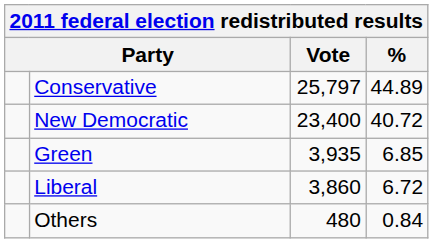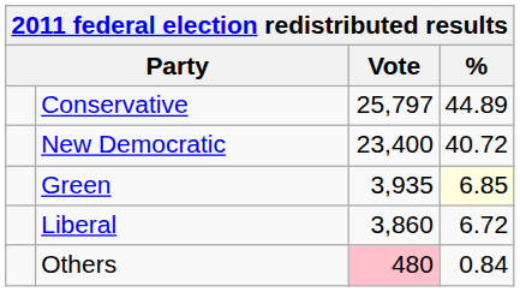 <table class="wikitable">
 <tr>
 <th colspan="4"><a href='#'>2011 federal election</a> redistributed results</th>
 </tr>
 <tr>
 <th bgcolor="#DDDDFF" width="130px" colspan="2">Party</th>
 <th bgcolor="#DDDDFF" width="50px">Vote</th>
 <th bgcolor="#DDDDFF" width="30px">%</th>
 </tr>
 <tr>
 <td> </td>
 <td><a href='#'>Conservative</a></td>
 <td align="right">25,797</td>
 <td align="right">44.89</td>
 </tr>
 <tr>
 <td> </td>
 <td><a href='#'>New Democratic</a></td>
 <td align="right">23,400</td>
 <td align="right">40.72</td>
 </tr>
 <tr>
 <td> </td>
 <td><a href='#'>Green</a></td>
 <td align="right">3,935</td>
-<td align="right">6.85</td>
+<td align="right" style="background: lightyellow;">6.85</td>
 </tr>
 <tr>
 <td> </td>
 <td><a href='#'>Liberal</a></td>
 <td align="right">3,860</td>
 <td align="right">6.72</td>
 </tr>
 <tr>
 <td> </td>
 <td>Others</td>
-<td align="right">480</td>
+<td align="right" style="background: pink;">480</td>
 <td align="right">0.84</td>
 </tr>
 </table>
